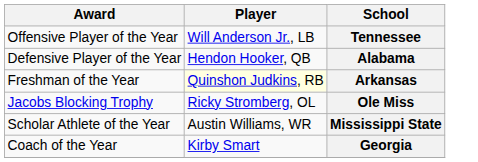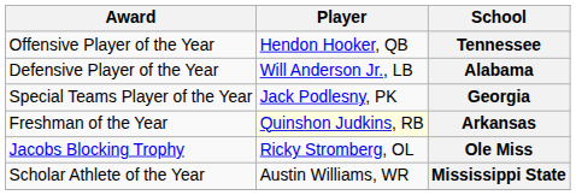 <table class="wikitable" border="0">
 <tr>
 <th>Award</th>
 <th>Player</th>
 <th>School</th>
 </tr>
 <tr>
 <td>Offensive Player of the Year</td>
-<td><a href='#'>Will Anderson Jr.</a>, LB</td>
+<td><a href='#'>Hendon Hooker</a>, QB</td>
 <th>Tennessee</th>
 </tr>
 <tr>
 <td>Defensive Player of the Year</td>
-<td><a href='#'>Hendon Hooker</a>, QB</td>
+<td><a href='#'>Will Anderson Jr.</a>, LB</td>
 <th>Alabama</th>
+</tr>
+<tr>
+<td>Special Teams Player of the Year</td>
+<td><a href='#'>Jack Podlesny</a>, PK</td>
+<th>Georgia</th>
 </tr>
 <tr>
 <td>Freshman of the Year</td>
 <td style="background: lightyellow;"><a href='#'>Quinshon Judkins</a>, RB</td>
 <th>Arkansas</th>
 </tr>
 <tr>
 <td><a href='#'>Jacobs Blocking Trophy</a></td>
 <td><a href='#'>Ricky Stromberg</a>, OL</td>
 <th>Ole Miss</th>
 </tr>
 <tr>
 <td>Scholar Athlete of the Year</td>
 <td>Austin Williams, WR</td>
 <th>Mississippi State</th>
 </tr>
 <tr>
-<td>Coach of the Year</td>
-<td><a href='#'>Kirby Smart</a></td>
-<th>Georgia</th>
-</tr>
-<tr>
 </tr>
 </table>
